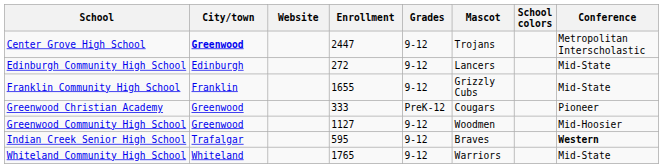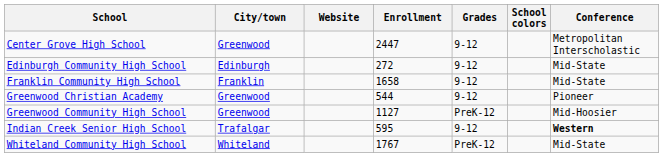 <table class="wikitable sortable" width="70%">
 <tr>
 <th width="20%">School</th>
 <th width="08%">City/town</th>
 <th width="06%">Website</th>
 <th width="04%">Enrollment</th>
 <th width="04%">Grades</th>
-<th width="04%">Mascot</th>
 <th width=01%>School colors</th>
 <th width="04%">Conference</th>
 </tr>
 <tr>
 <td><a href='#'>Center Grove High School</a></td>
-<td><strong><a href='#'>Greenwood</a></strong></td>
+<td><a href='#'>Greenwood</a></td>
 <td></td>
 <td>2447</td>
 <td>9-12</td>
-<td>Trojans</td>
 <td> </td>
 <td>Metropolitan Interscholastic</td>
 </tr>
 <tr>
 <td><a href='#'>Edinburgh Community High School</a></td>
 <td><a href='#'>Edinburgh</a></td>
 <td></td>
 <td>272</td>
 <td>9-12</td>
-<td>Lancers</td>
 <td>  </td>
 <td>Mid-State</td>
 </tr>
 <tr>
 <td><a href='#'>Franklin Community High School</a></td>
 <td><a href='#'>Franklin</a></td>
 <td></td>
-<td>1655</td>
+<td>1658</td>
 <td>9-12</td>
-<td>Grizzly Cubs</td>
 <td> </td>
 <td>Mid-State</td>
 </tr>
 <tr>
 <td><a href='#'>Greenwood Christian Academy</a></td>
 <td><a href='#'>Greenwood</a></td>
 <td></td>
-<td>333</td>
-<td>PreK-12</td>
-<td>Cougars</td>
+<td>544</td>
+<td>9-12</td>
 <td>  </td>
 <td>Pioneer</td>
 </tr>
 <tr>
 <td><a href='#'>Greenwood Community High School</a></td>
 <td><a href='#'>Greenwood</a></td>
 <td></td>
 <td>1127</td>
-<td>9-12</td>
-<td>Woodmen</td>
+<td>PreK-12</td>
 <td>  </td>
 <td>Mid-Hoosier</td>
 </tr>
 <tr>
 <td><a href='#'>Indian Creek Senior High School</a></td>
 <td><a href='#'>Trafalgar</a></td>
 <td></td>
 <td>595</td>
 <td>9-12</td>
-<td>Braves</td>
 <td> </td>
 <td><strong>Western</strong></td>
 </tr>
 <tr>
 <td><a href='#'>Whiteland Community High School</a></td>
 <td><a href='#'>Whiteland</a></td>
 <td></td>
-<td>1765</td>
-<td>9-12</td>
-<td>Warriors</td>
+<td>1767</td>
+<td>PreK-12</td>
 <td>  </td>
 <td>Mid-State</td>
 </tr>
 </table>
